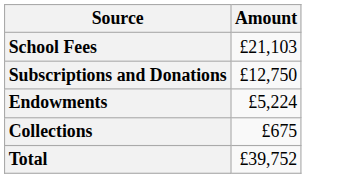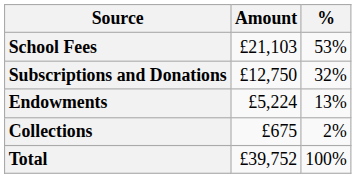 <table class="wikitable">
 <tr>
 <th scope="col">Source</th>
 <th scope="col">Amount</th>
+<th scope="col">%</th>
 </tr>
 <tr>
 <th scope="row" style="text-align:left;">School Fees</th>
 <td style="text-align:right;">£21,103</td>
+<td style="text-align:right;">53%</td>
 </tr>
 <tr>
 <th scope="row" style="text-align:left;">Subscriptions and Donations</th>
 <td style="text-align:right;">£12,750</td>
+<td style="text-align:right;">32%</td>
 </tr>
 <tr>
 <th scope="row" style="text-align:left;">Endowments</th>
 <td style="text-align:right;">£5,224</td>
+<td style="text-align:right;">13%</td>
 </tr>
 <tr>
 <th scope="row" style="text-align:left;">Collections</th>
 <td style="text-align:right;">£675</td>
+<td style="text-align:right;">2%</td>
 </tr>
 <tr>
 <th scope="row" style="text-align:left;">Total</th>
 <td style="text-align:right;">£39,752</td>
+<td style="text-align:right;">100%</td>
 </tr>
 </table>
